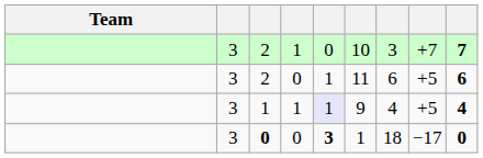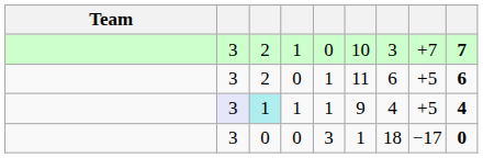 <table class="wikitable" style="text-align: center;">
 <tr>
 <th width="175">Team</th>
 <th width="20"></th>
 <th width="20"></th>
 <th width="20"></th>
 <th width="20"></th>
 <th width="20"></th>
 <th width="20"></th>
 <th width="20"></th>
 <th width="20"></th>
 </tr>
 <tr bgcolor=ccffcc>
 <td align=left></td>
 <td>3</td>
 <td>2</td>
 <td>1</td>
 <td>0</td>
 <td>10</td>
 <td>3</td>
 <td>+7</td>
 <td><strong>7</strong></td>
 </tr>
 <tr>
 <td align=left></td>
 <td>3</td>
 <td>2</td>
 <td>0</td>
 <td>1</td>
 <td>11</td>
 <td>6</td>
 <td>+5</td>
 <td><strong>6</strong></td>
 </tr>
 <tr>
 <td align=left></td>
-<td>3</td>
+<td style="background: lavender;">3</td>
+<td style="background: paleturquoise;">1</td>
 <td>1</td>
 <td>1</td>
-<td style="background: lavender;">1</td>
 <td>9</td>
 <td>4</td>
 <td>+5</td>
 <td><strong>4</strong></td>
 </tr>
 <tr>
 <td align=left><em></em></td>
 <td>3</td>
-<td><strong>0</strong></td>
 <td>0</td>
-<td><strong>3</strong></td>
+<td>0</td>
+<td>3</td>
 <td>1</td>
 <td>18</td>
 <td>−17</td>
 <td><strong>0</strong></td>
 </tr>
 </table>
